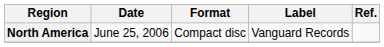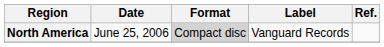 <table class="wikitable plainrowheaders">
 <tr>
 <th scope="col">Region</th>
 <th scope="col">Date</th>
 <th scope="col">Format</th>
 <th scope="col">Label</th>
 <th scope="col">Ref.</th>
 </tr>
 <tr>
 <th scope="row">North America</th>
 <td>June 25, 2006</td>
-<td>Compact disc</td>
+<td style="background: lightgrey;">Compact disc</td>
 <td>Vanguard Records</td>
 <td></td>
 </tr>
 <tr>
 </tr>
 </table>
